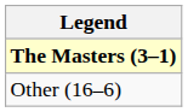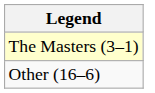 <table class="wikitable">
 <tr>
 <th>Legend</th>
 </tr>
 <tr style="background:#ffc;">
-<td><strong>The Masters (3–1)</strong></td>
+<td>The Masters (3–1)</td>
 </tr>
 <tr>
 <td>Other (16–6)</td>
 </tr>
 </table>
